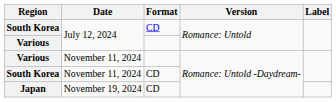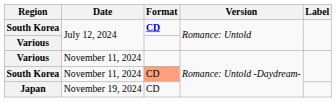 <table class="wikitable plainrowheaders">
 <tr>
 <th scope="col">Region</th>
 <th scope="col">Date</th>
 <th scope="col">Format</th>
 <th scope="col">Version</th>
 <th scope="col">Label</th>
 </tr>
 <tr>
 <th scope="row">South Korea</th>
 <td rowspan="2">July 12, 2024</td>
-<td><a href='#'>CD</a></td>
+<td><strong><a href='#'>CD</a></strong></td>
 <td rowspan="2"><em>Romance: Untold</em></td>
 <td rowspan="2"></td>
 </tr>
 <tr>
 <th scope="row">Various</th>
 <td></td>
 </tr>
 <tr>
 <th scope="row">Various</th>
 <td>November 11, 2024</td>
 <td></td>
 <td rowspan="3"><em>Romance: Untold -Daydream-</em></td>
 <td rowspan="2"></td>
 </tr>
 <tr>
 <th scope="row">South Korea</th>
 <td>November 11, 2024</td>
-<td>CD</td>
+<td style="background: lightsalmon;">CD</td>
 </tr>
 <tr>
 <th scope="row">Japan</th>
 <td>November 19, 2024</td>
 <td>CD</td>
 <td></td>
 </tr>
 </table>
